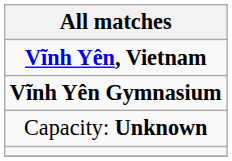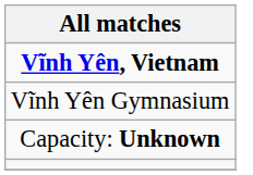 <table class="wikitable" style="text-align:center;">
 <tr>
 <th colspan=2>All matches</th>
 </tr>
 <tr>
 <td><strong><a href='#'>Vĩnh Yên</a>, Vietnam</strong></td>
 </tr>
 <tr>
-<td><strong>Vĩnh Yên Gymnasium</strong></td>
+<td>Vĩnh Yên Gymnasium</td>
 </tr>
 <tr>
 <td>Capacity: <strong>Unknown</strong></td>
 </tr>
 <tr>
 <td></td>
 </tr>
 <tr>
 </tr>
 </table>
